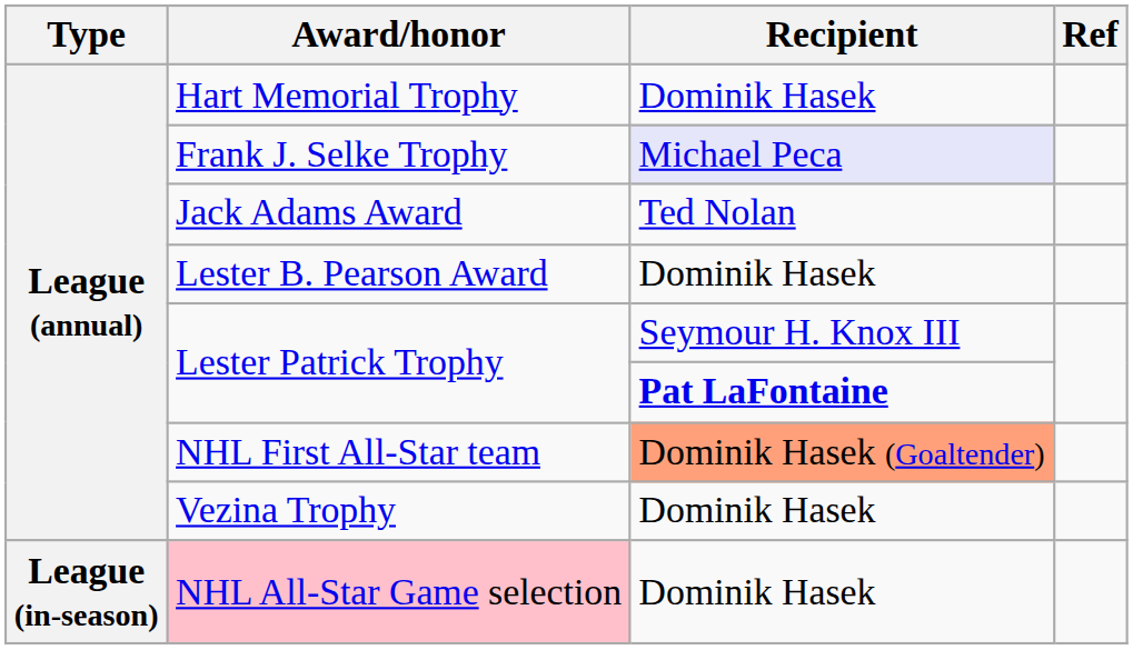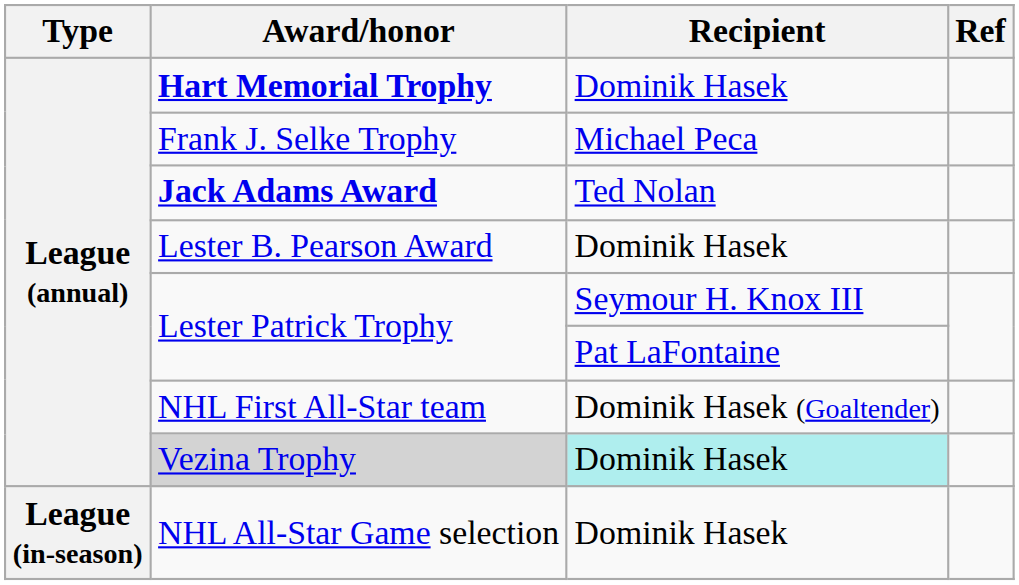 <table class="wikitable">
 <tr>
 <th scope="col">Type</th>
 <th scope="col">Award/honor</th>
 <th scope="col">Recipient</th>
 <th scope="col">Ref</th>
 </tr>
 <tr>
 <th scope="row" rowspan="8">League<br><small>(annual)</small></th>
-<td><a href='#'>Hart Memorial Trophy</a></td>
+<td><strong><a href='#'>Hart Memorial Trophy</a></strong></td>
 <td><a href='#'>Dominik Hasek</a></td>
 <td></td>
 </tr>
 <tr>
 <td><a href='#'>Frank J. Selke Trophy</a></td>
-<td style="background: lavender;"><a href='#'>Michael Peca</a></td>
+<td><a href='#'>Michael Peca</a></td>
 <td></td>
 </tr>
 <tr>
-<td><a href='#'>Jack Adams Award</a></td>
+<td><strong><a href='#'>Jack Adams Award</a></strong></td>
 <td><a href='#'>Ted Nolan</a></td>
 <td></td>
 </tr>
 <tr>
 <td><a href='#'>Lester B. Pearson Award</a></td>
 <td>Dominik Hasek</td>
 <td></td>
 </tr>
 <tr>
 <td rowspan="2"><a href='#'>Lester Patrick Trophy</a></td>
 <td><a href='#'>Seymour H. Knox III</a></td>
 <td rowspan="2"></td>
 </tr>
 <tr>
-<td><strong><a href='#'>Pat LaFontaine</a></strong></td>
+<td><a href='#'>Pat LaFontaine</a></td>
 </tr>
 <tr>
 <td><a href='#'>NHL First All-Star team</a></td>
-<td style="background: lightsalmon;">Dominik Hasek <small>(<a href='#'>Goaltender</a>)</small></td>
+<td>Dominik Hasek <small>(<a href='#'>Goaltender</a>)</small></td>
 <td></td>
 </tr>
 <tr>
-<td><a href='#'>Vezina Trophy</a></td>
-<td>Dominik Hasek</td>
+<td style="background: lightgrey;"><a href='#'>Vezina Trophy</a></td>
+<td style="background: paleturquoise;">Dominik Hasek</td>
 <td></td>
 </tr>
 <tr>
 <th scope="row">League<br><small>(in-season)</small></th>
-<td style="background: pink;"><a href='#'>NHL All-Star Game</a> selection</td>
+<td><a href='#'>NHL All-Star Game</a> selection</td>
 <td>Dominik Hasek</td>
 <td></td>
 </tr>
 </table>
